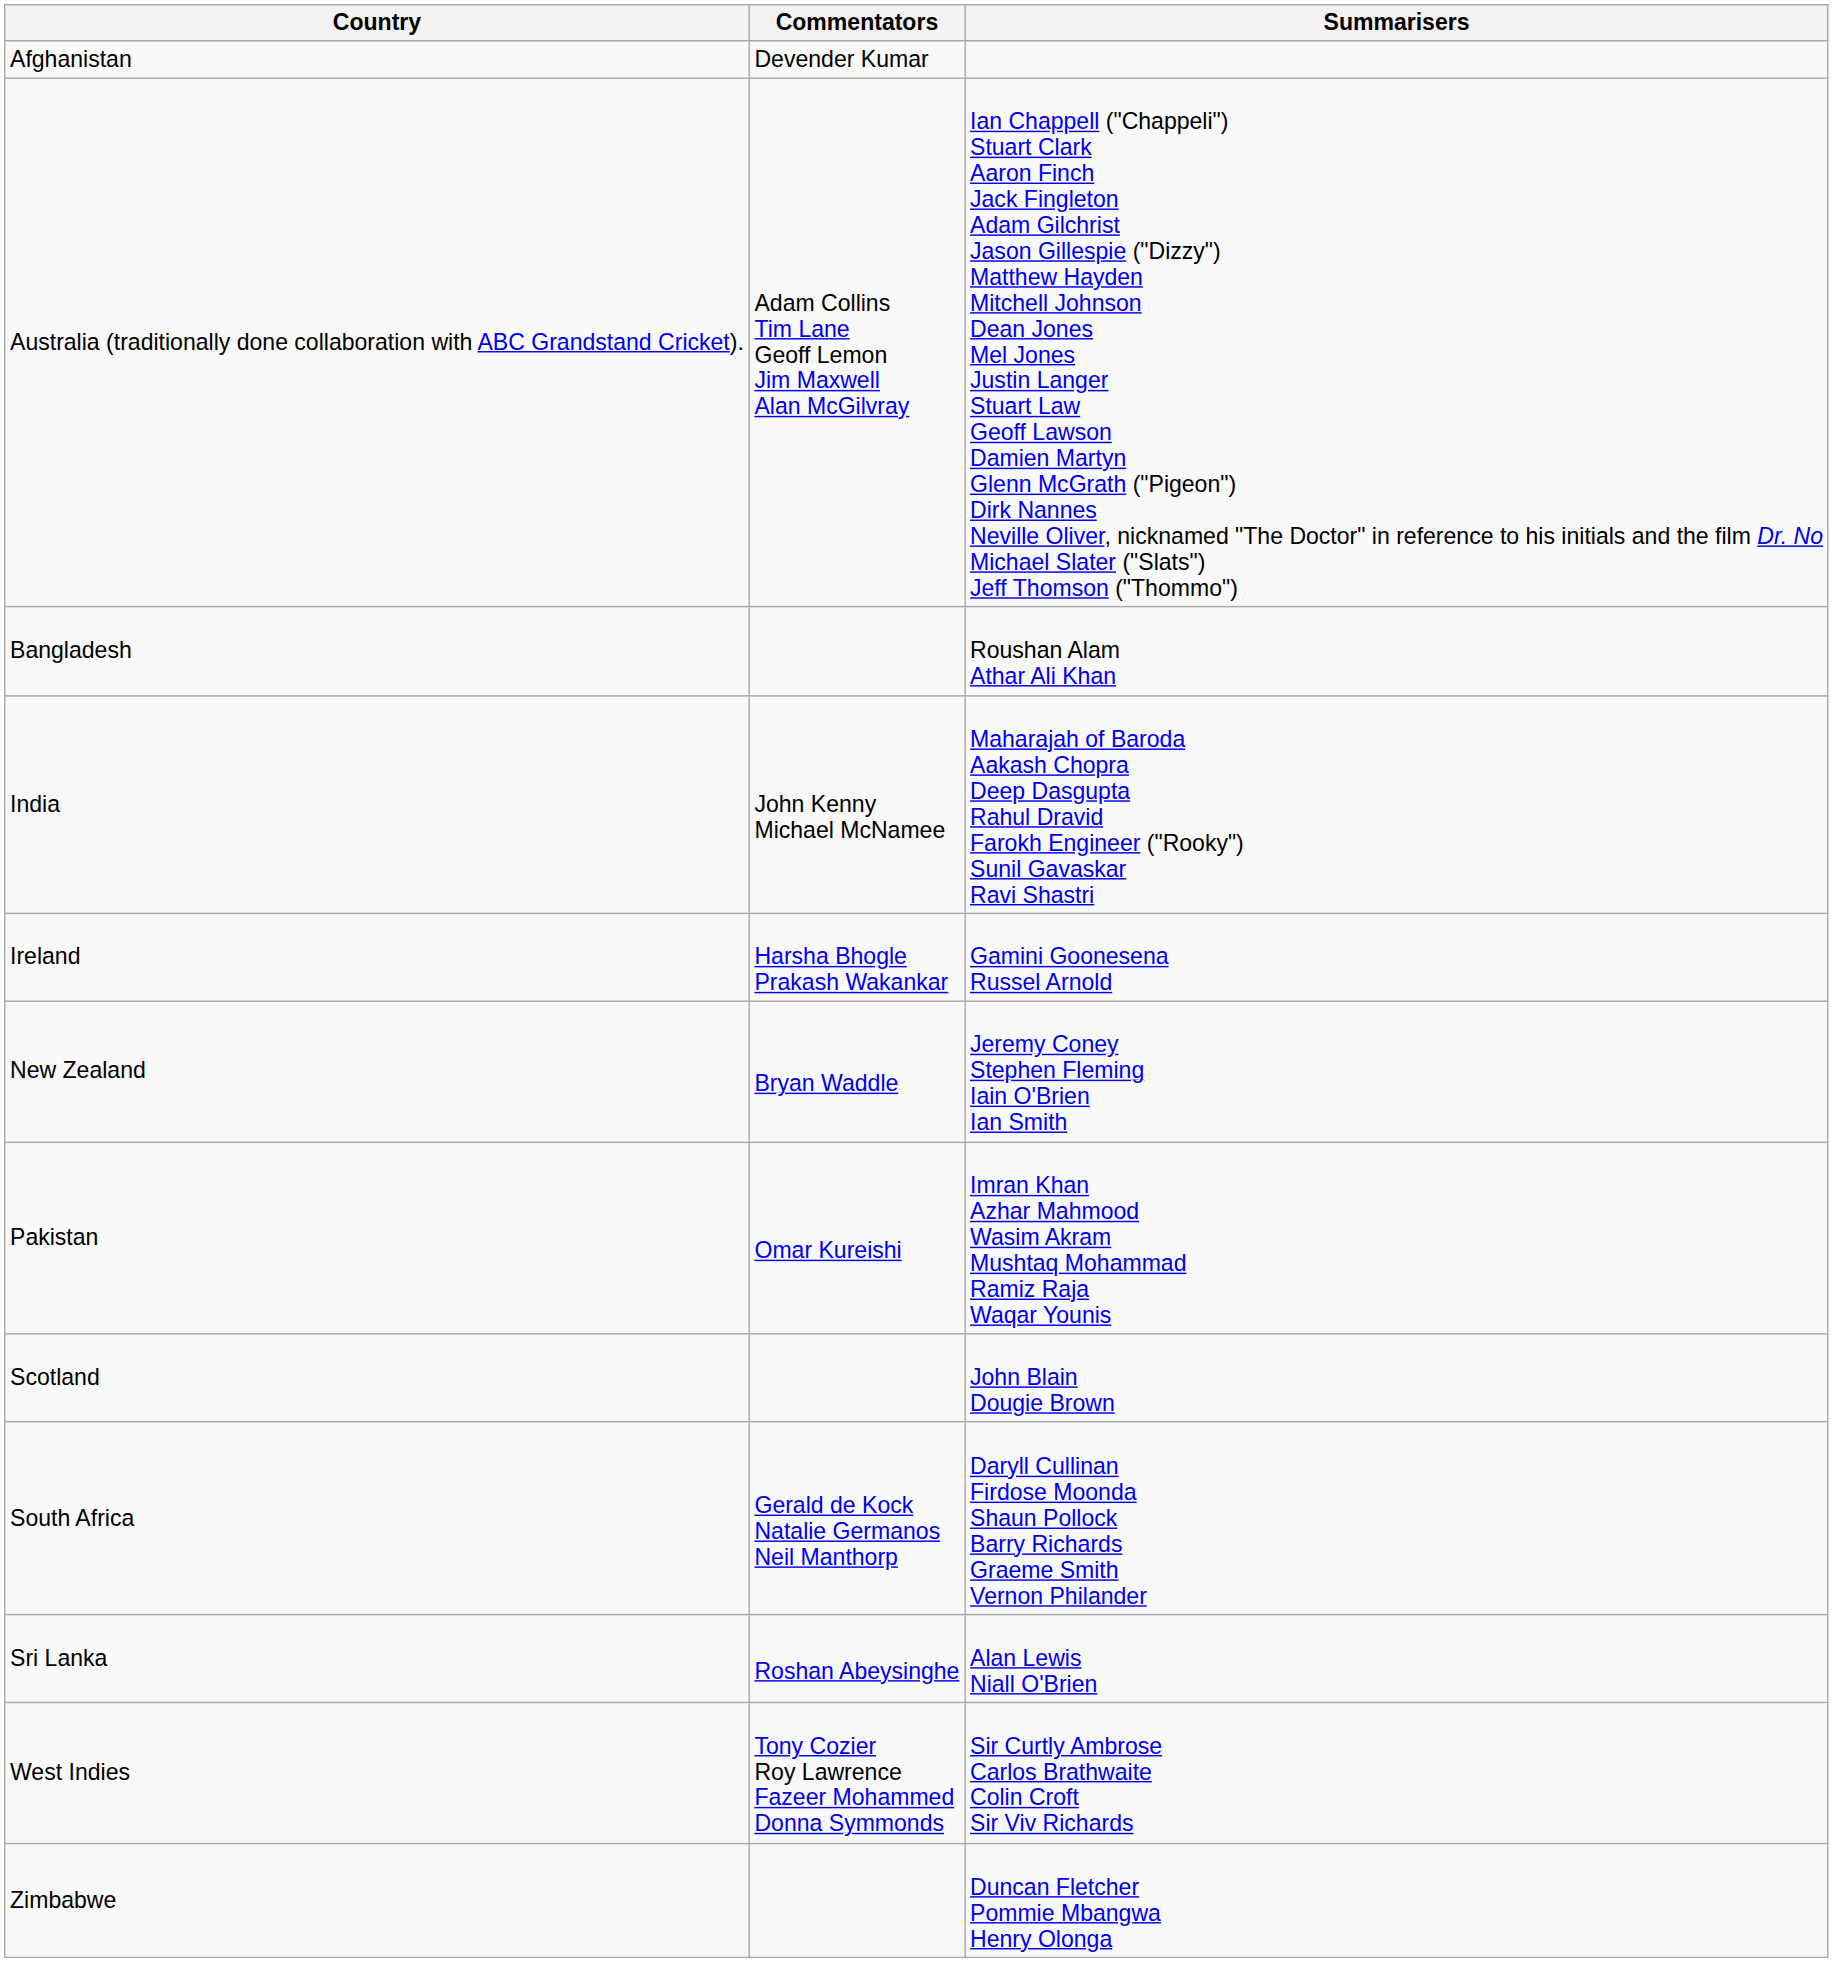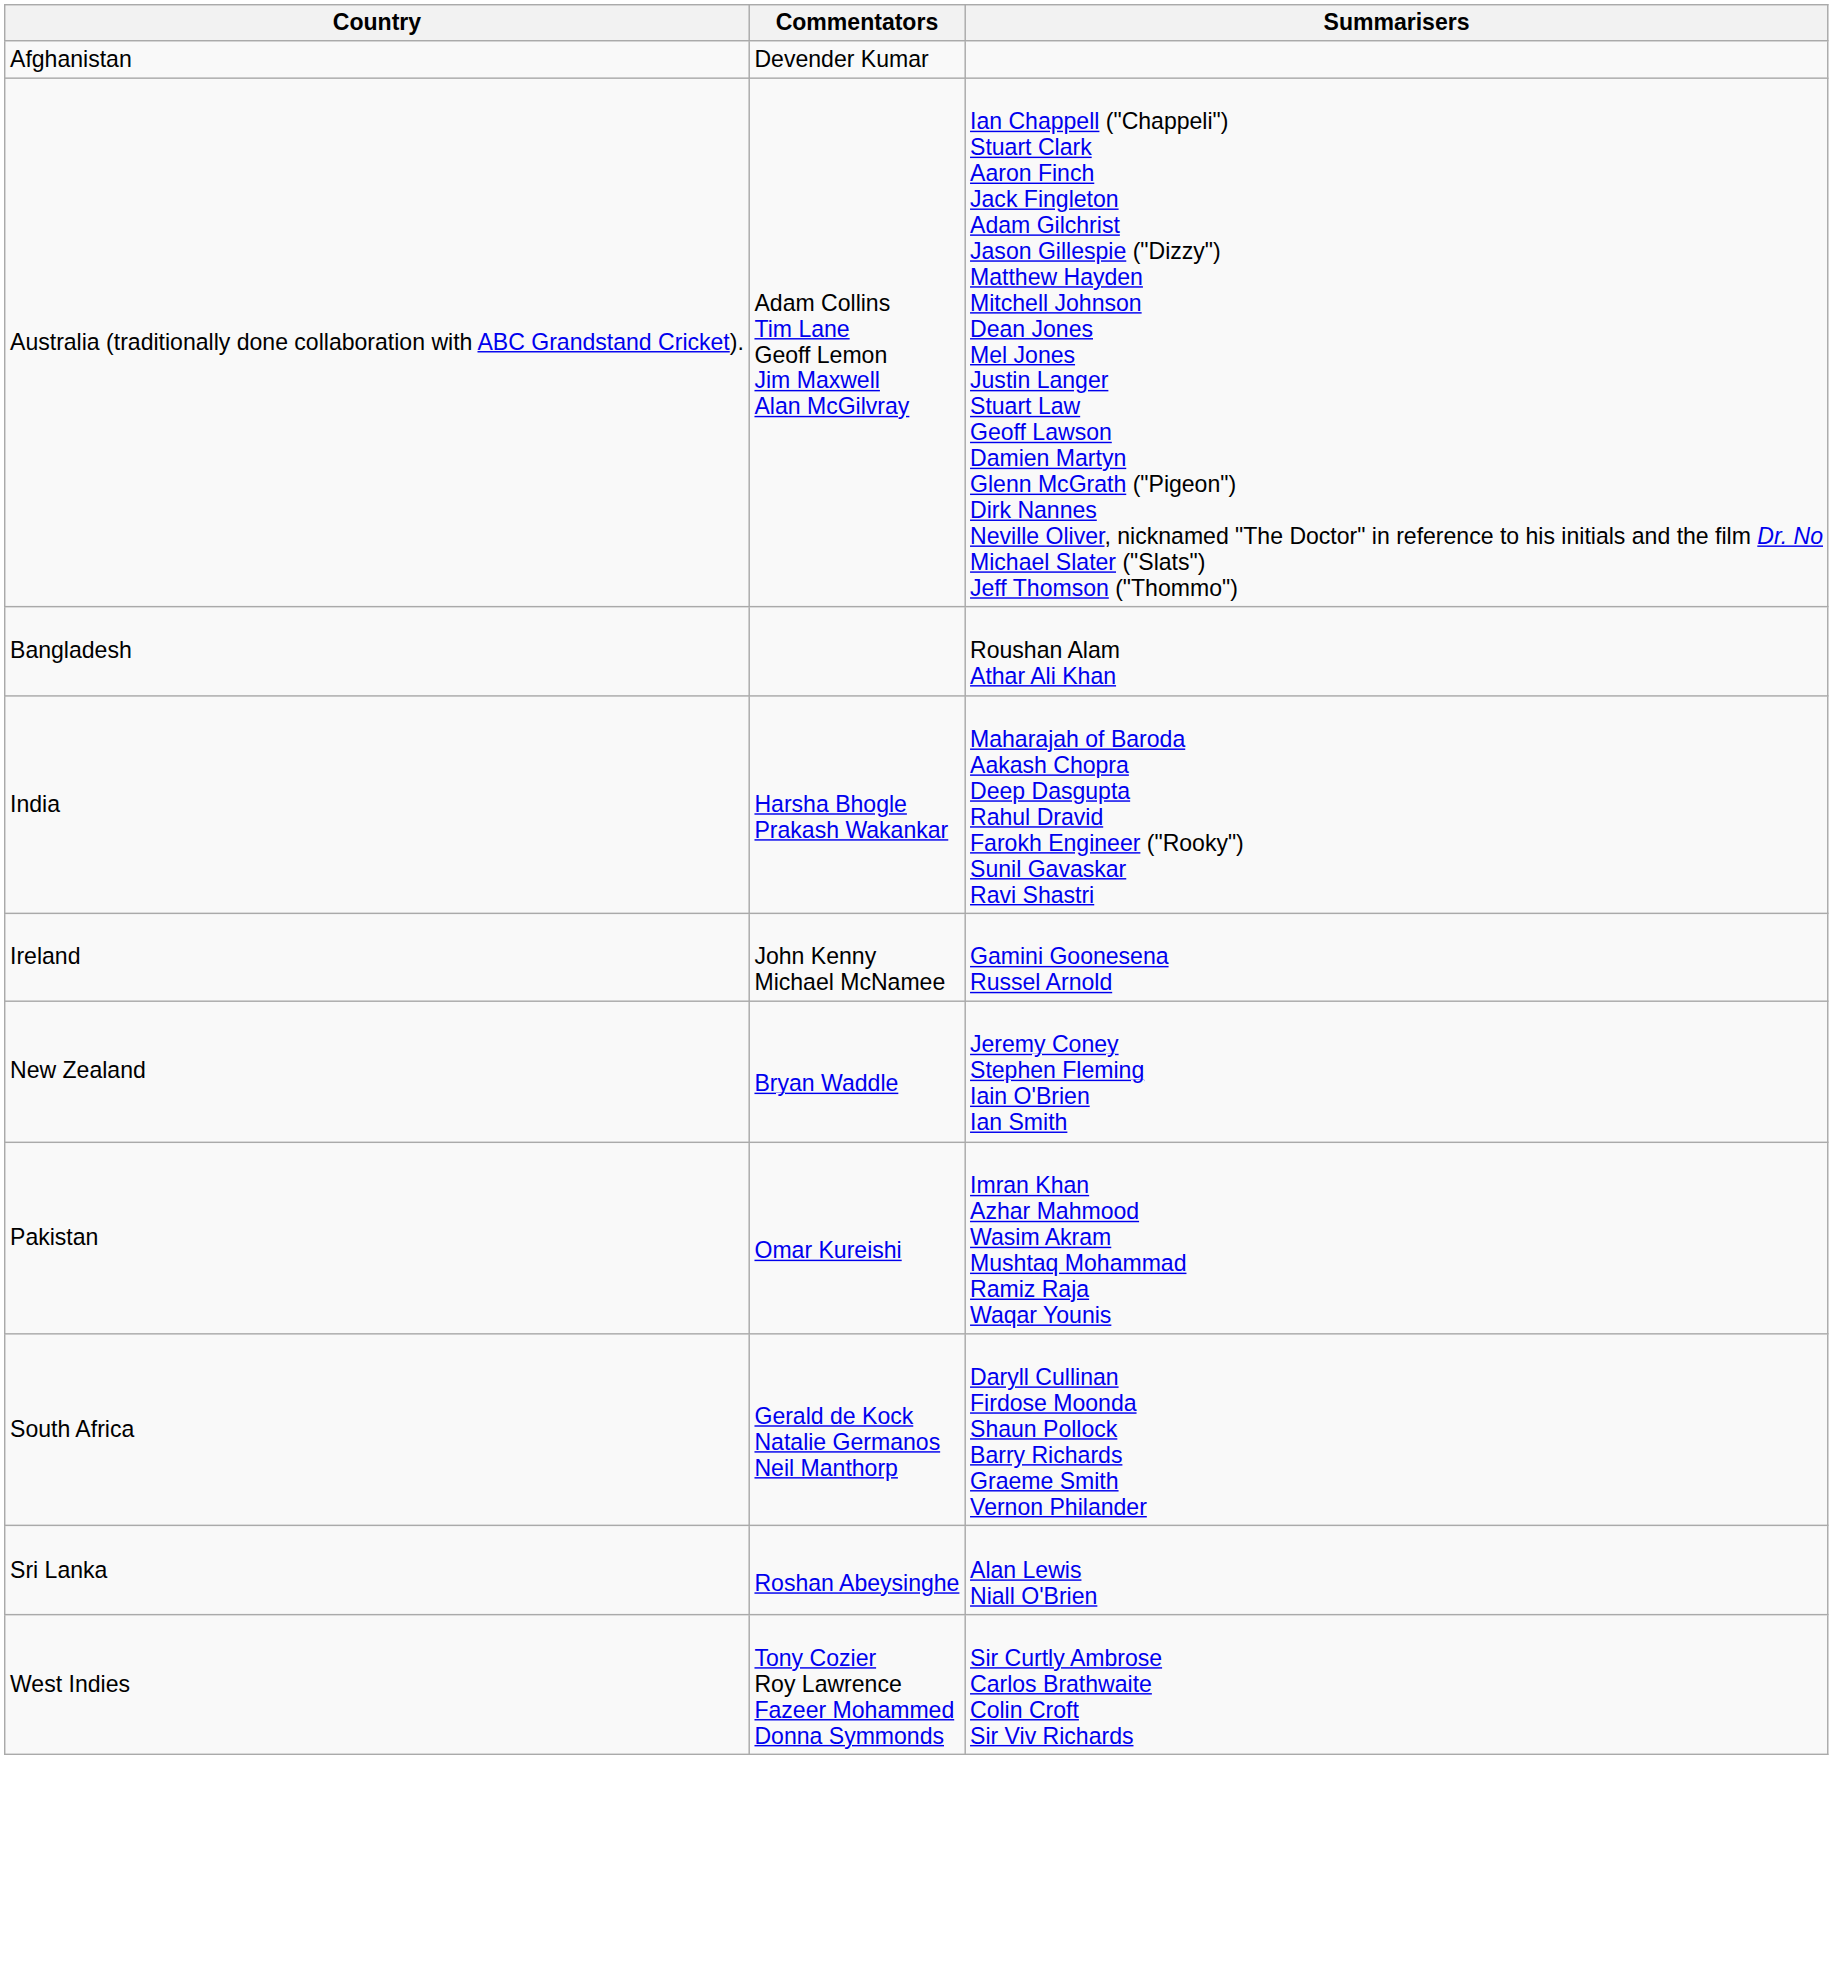 <table class="wikitable sortable">
 <tr>
 <th>Country</th>
 <th>Commentators</th>
 <th>Summarisers</th>
 </tr>
 <tr>
 <td>Afghanistan</td>
 <td>Devender Kumar</td>
 </tr>
 <tr>
 <td>Australia (traditionally done collaboration with <a href='#'>ABC Grandstand Cricket</a>).</td>
 <td><br>Adam Collins<br> <a href='#'>Tim Lane</a><br> Geoff Lemon<br> <a href='#'>Jim Maxwell</a><br> <a href='#'>Alan McGilvray</a></td>
 <td><br><a href='#'>Ian Chappell</a> ("Chappeli")<br> <a href='#'>Stuart Clark</a><br> <a href='#'>Aaron Finch</a><br> <a href='#'>Jack Fingleton</a><br> <a href='#'>Adam Gilchrist</a><br> <a href='#'>Jason Gillespie</a> ("Dizzy")<br> <a href='#'>Matthew Hayden</a><br> <a href='#'>Mitchell Johnson</a><br> <a href='#'>Dean Jones</a><br> <a href='#'>Mel Jones</a><br> <a href='#'>Justin Langer</a><br> <a href='#'>Stuart Law</a><br> <a href='#'>Geoff Lawson</a><br> <a href='#'>Damien Martyn</a><br> <a href='#'>Glenn McGrath</a> ("Pigeon")<br> <a href='#'>Dirk Nannes</a><br> <a href='#'>Neville Oliver</a>, nicknamed "The Doctor" in reference to his initials and the film <em><a href='#'>Dr. No</a></em><br> <a href='#'>Michael Slater</a> ("Slats")<br> <a href='#'>Jeff Thomson</a> ("Thommo")</td>
 </tr>
 <tr>
 <td>Bangladesh</td>
 <td></td>
 <td><br>Roushan Alam<br> <a href='#'>Athar Ali Khan</a></td>
 </tr>
 <tr>
 <td>India</td>
-<td><br>John Kenny<br> Michael McNamee</td>
+<td><br><a href='#'>Harsha Bhogle</a><br> <a href='#'>Prakash Wakankar</a></td>
 <td><br><a href='#'>Maharajah of Baroda</a><br> <a href='#'>Aakash Chopra</a><br> <a href='#'>Deep Dasgupta</a><br> <a href='#'>Rahul Dravid</a><br> <a href='#'>Farokh Engineer</a> ("Rooky")<br> <a href='#'>Sunil Gavaskar</a><br> <a href='#'>Ravi Shastri</a></td>
 </tr>
 <tr>
 <td>Ireland</td>
-<td><br><a href='#'>Harsha Bhogle</a><br> <a href='#'>Prakash Wakankar</a></td>
+<td><br>John Kenny<br> Michael McNamee</td>
 <td><br><a href='#'>Gamini Goonesena</a><br> <a href='#'>Russel Arnold</a></td>
 </tr>
 <tr>
 <td>New Zealand</td>
 <td><br><a href='#'>Bryan Waddle</a></td>
 <td><br><a href='#'>Jeremy Coney</a><br> <a href='#'>Stephen Fleming</a><br> <a href='#'>Iain O'Brien</a><br> <a href='#'>Ian Smith</a></td>
 </tr>
 <tr>
 <td>Pakistan</td>
 <td><br><a href='#'>Omar Kureishi</a></td>
 <td><br><a href='#'>Imran Khan</a><br> <a href='#'>Azhar Mahmood</a><br> <a href='#'>Wasim Akram</a><br> <a href='#'>Mushtaq Mohammad</a><br> <a href='#'>Ramiz Raja</a><br> <a href='#'>Waqar Younis</a></td>
-</tr>
-<tr>
-<td>Scotland</td>
-<td></td>
-<td><br><a href='#'>John Blain</a><br> <a href='#'>Dougie Brown</a></td>
 </tr>
 <tr>
 <td>South Africa</td>
 <td><br><a href='#'>Gerald de Kock</a><br> <a href='#'>Natalie Germanos</a><br> <a href='#'>Neil Manthorp</a></td>
 <td><br><a href='#'>Daryll Cullinan</a><br> <a href='#'>Firdose Moonda</a><br> <a href='#'>Shaun Pollock</a><br> <a href='#'>Barry Richards</a><br> <a href='#'>Graeme Smith</a><br> <a href='#'>Vernon Philander</a></td>
 </tr>
 <tr>
 <td>Sri Lanka</td>
 <td><br><a href='#'>Roshan Abeysinghe</a></td>
 <td><br><a href='#'>Alan Lewis</a><br> <a href='#'>Niall O'Brien</a></td>
 </tr>
 <tr>
 <td>West Indies</td>
 <td><br><a href='#'>Tony Cozier</a><br> Roy Lawrence<br> <a href='#'>Fazeer Mohammed</a><br> <a href='#'>Donna Symmonds</a></td>
 <td><br><a href='#'>Sir Curtly Ambrose</a><br> <a href='#'>Carlos Brathwaite</a><br> <a href='#'>Colin Croft</a><br> <a href='#'>Sir Viv Richards</a></td>
 </tr>
-<tr>
-<td>Zimbabwe</td>
-<td></td>
-<td><br><a href='#'>Duncan Fletcher</a><br> <a href='#'>Pommie Mbangwa</a><br> <a href='#'>Henry Olonga</a></td>
-</tr>
 </table>
